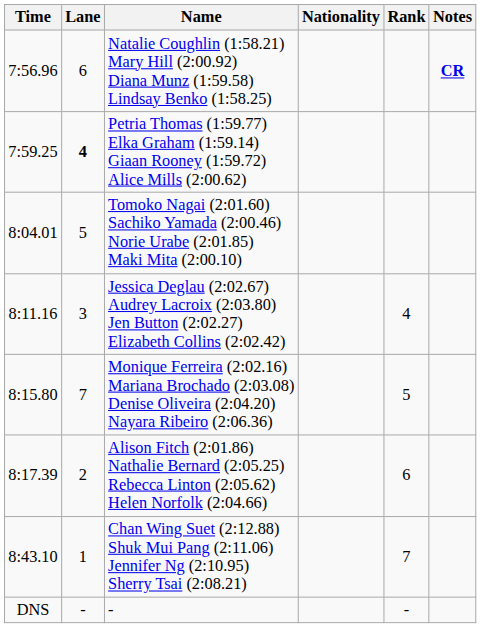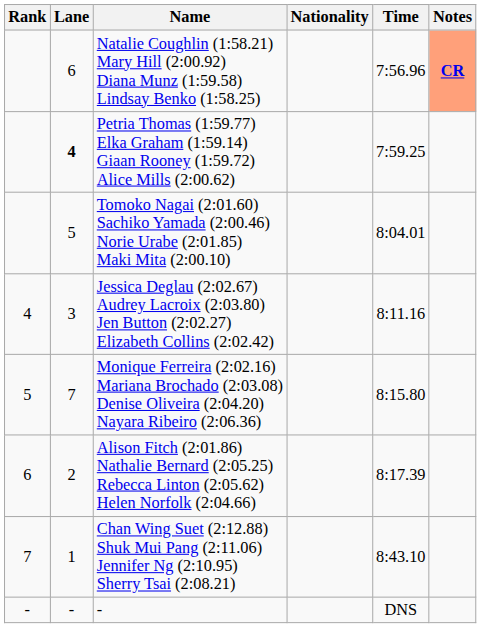 <table class="wikitable sortable" style="text-align:center">
 <tr>
-<th>Time</th>
+<th>Rank</th>
 <th>Lane</th>
 <th>Name</th>
 <th>Nationality</th>
-<th>Rank</th>
+<th>Time</th>
 <th>Notes</th>
 </tr>
 <tr>
-<td>7:56.96</td>
+<td></td>
 <td>6</td>
 <td align=left><a href='#'>Natalie Coughlin</a> (1:58.21) <br> <a href='#'>Mary Hill</a> (2:00.92) <br> <a href='#'>Diana Munz</a> (1:59.58) <br> <a href='#'>Lindsay Benko</a> (1:58.25)</td>
 <td align=left></td>
-<td></td>
-<td><strong><a href='#'>CR</a></strong></td>
+<td>7:56.96</td>
+<td style="background: lightsalmon;"><strong><a href='#'>CR</a></strong></td>
 </tr>
 <tr>
-<td>7:59.25</td>
+<td></td>
 <td><strong>4</strong></td>
 <td align=left><a href='#'>Petria Thomas</a> (1:59.77) <br> <a href='#'>Elka Graham</a> (1:59.14) <br> <a href='#'>Giaan Rooney</a> (1:59.72) <br> <a href='#'>Alice Mills</a> (2:00.62)</td>
 <td align=left></td>
-<td></td>
+<td>7:59.25</td>
 <td></td>
 </tr>
 <tr>
-<td>8:04.01</td>
+<td></td>
 <td>5</td>
 <td align=left><a href='#'>Tomoko Nagai</a> (2:01.60) <br> <a href='#'>Sachiko Yamada</a> (2:00.46) <br> <a href='#'>Norie Urabe</a> (2:01.85) <br> <a href='#'>Maki Mita</a> (2:00.10)</td>
 <td align=left></td>
-<td></td>
+<td>8:04.01</td>
 <td></td>
 </tr>
 <tr>
-<td>8:11.16</td>
+<td>4</td>
 <td>3</td>
 <td align=left><a href='#'>Jessica Deglau</a> (2:02.67) <br> <a href='#'>Audrey Lacroix</a> (2:03.80) <br> <a href='#'>Jen Button</a> (2:02.27) <br> <a href='#'>Elizabeth Collins</a> (2:02.42)</td>
 <td align=left></td>
-<td>4</td>
+<td>8:11.16</td>
 <td></td>
 </tr>
 <tr>
-<td>8:15.80</td>
+<td>5</td>
 <td>7</td>
 <td align=left><a href='#'>Monique Ferreira</a> (2:02.16) <br><a href='#'>Mariana Brochado</a> (2:03.08) <br><a href='#'>Denise Oliveira</a> (2:04.20) <br><a href='#'>Nayara Ribeiro</a> (2:06.36)</td>
 <td align=left></td>
-<td>5</td>
+<td>8:15.80</td>
 <td></td>
 </tr>
 <tr>
-<td>8:17.39</td>
+<td>6</td>
 <td>2</td>
 <td align=left><a href='#'>Alison Fitch</a> (2:01.86) <br> <a href='#'>Nathalie Bernard</a> (2:05.25) <br> <a href='#'>Rebecca Linton</a> (2:05.62) <br> <a href='#'>Helen Norfolk</a> (2:04.66)</td>
 <td align=left></td>
-<td>6</td>
+<td>8:17.39</td>
 <td></td>
 </tr>
 <tr>
-<td>8:43.10</td>
+<td>7</td>
 <td>1</td>
 <td align=left><a href='#'>Chan Wing Suet</a> (2:12.88) <br> <a href='#'>Shuk Mui Pang</a> (2:11.06) <br> <a href='#'>Jennifer Ng</a> (2:10.95) <br> <a href='#'>Sherry Tsai</a> (2:08.21)</td>
 <td align=left></td>
-<td>7</td>
+<td>8:43.10</td>
 <td></td>
 </tr>
 <tr>
-<td>DNS</td>
+<td>-</td>
 <td>-</td>
 <td align=left>-</td>
 <td align=left></td>
-<td>-</td>
+<td>DNS</td>
 <td></td>
 </tr>
 </table>
